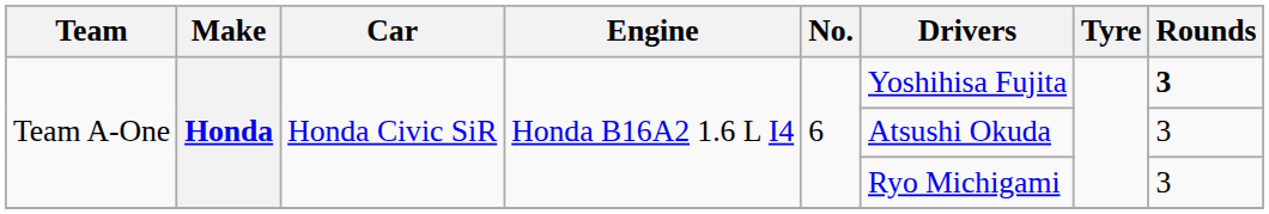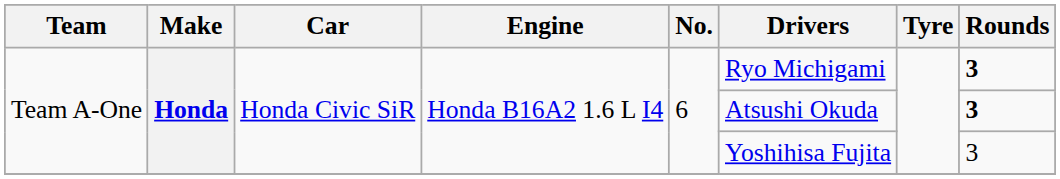 <table class="wikitable" style="font-size: 90%;">
 <tr>
 <th>Team</th>
 <th>Make</th>
 <th>Car</th>
 <th>Engine</th>
 <th>No.</th>
 <th>Drivers</th>
 <th>Tyre</th>
 <th>Rounds</th>
 </tr>
 <tr>
 <td rowspan=3>Team A-One</td>
 <th rowspan=3><a href='#'>Honda</a></th>
 <td rowspan=3><a href='#'>Honda Civic SiR</a></td>
 <td rowspan=3><a href='#'>Honda B16A2</a> 1.6 L <a href='#'>I4</a></td>
 <td rowspan=3>6</td>
-<td> <a href='#'>Yoshihisa Fujita</a></td>
+<td> <a href='#'>Ryo Michigami</a></td>
 <td rowspan=3></td>
 <td><strong>3</strong></td>
 </tr>
 <tr>
 <td> <a href='#'>Atsushi Okuda</a></td>
-<td>3</td>
+<td><strong>3</strong></td>
 </tr>
 <tr>
-<td> <a href='#'>Ryo Michigami</a></td>
+<td> <a href='#'>Yoshihisa Fujita</a></td>
 <td>3</td>
 </tr>
 <tr>
 </tr>
 </table>
